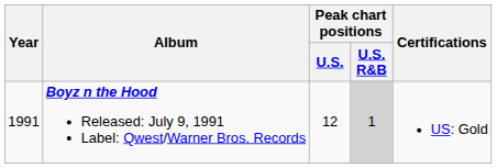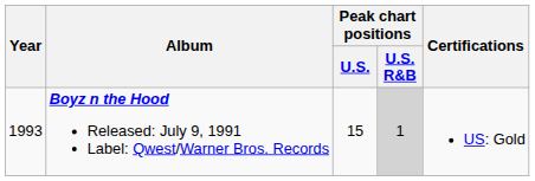 <table class="wikitable">
 <tr>
 <th rowspan="2">Year</th>
 <th rowspan="2">Album</th>
 <th colspan="2">Peak chart positions</th>
 <th rowspan="2">Certifications</th>
 </tr>
 <tr>
 <th width=40><a href='#'>U.S.</a></th>
 <th width=40><a href='#'>U.S. R&B</a></th>
 </tr>
 <tr>
-<td>1991</td>
+<td>1993</td>
 <td><strong><em><a href='#'>Boyz n the Hood</a></em></strong><br><ul><li>Released: July 9, 1991</li><li>Label: <a href='#'>Qwest</a>/<a href='#'>Warner Bros. Records</a></li></ul></td>
-<td align="center">12</td>
+<td align="center">15</td>
 <td align="center" style="background: lightgrey;">1</td>
 <td><br><ul><li><a href='#'>US</a>: Gold</li></ul></td>
 </tr>
 </table>
